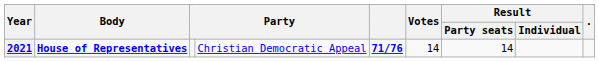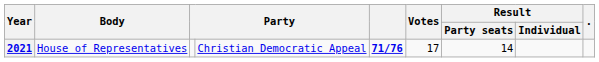 <table class="wikitable plainrowheaders sortable" border=2 cellpadding=4 cellspacing=0 style="border: 1px #aaa solid; font-size: 90%; text-align:center;">
 <tr>
 <th scope="col" rowspan=2>Year</th>
 <th scope="col" rowspan=2>Body</th>
 <th scope="col" colspan=2 rowspan=2>Party</th>
 <th scope="col" rowspan=2></th>
 <th scope="col" rowspan=2>Votes</th>
 <th scope="colgroup" colspan=2>Result</th>
 <th scope="col" rowspan=2 class="unsortable">.</th>
 </tr>
 <tr>
 <th scope="col">Party seats</th>
 <th scope="col">Individual</th>
 </tr>
 <tr>
 <th scope="row"><a href='#'>2021</a></th>
-<td><strong><a href='#'>House of Representatives</a></strong></td>
+<td><a href='#'>House of Representatives</a></td>
 <td style="background-color:"></td>
 <td><a href='#'>Christian Democratic Appeal</a></td>
 <td style=text-align:right><strong><a href='#'>71/76</a></strong></td>
-<td style=text-align:right>14</td>
+<td style=text-align:right>17</td>
 <td style=text-align:right>14</td>
 <td></td>
 <td></td>
 </tr>
 </table>
